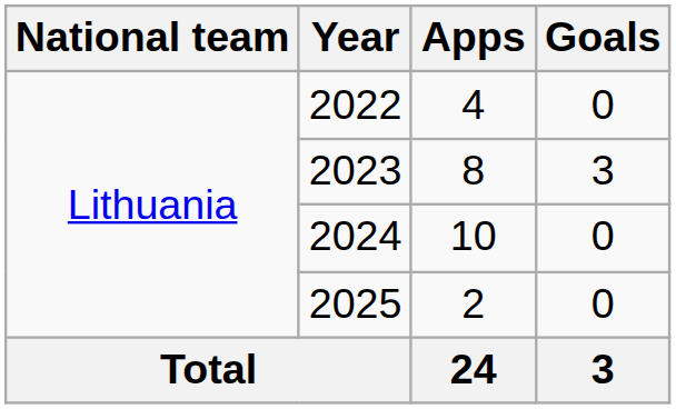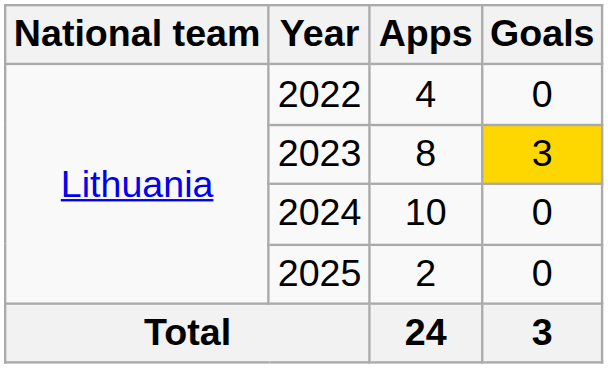 <table class="wikitable" style="text-align:center">
 <tr>
 <th>National team</th>
 <th>Year</th>
 <th>Apps</th>
 <th>Goals</th>
 </tr>
 <tr>
 <td rowspan="4"><a href='#'>Lithuania</a></td>
 <td>2022</td>
 <td>4</td>
 <td>0</td>
 </tr>
 <tr>
 <td>2023</td>
 <td>8</td>
-<td>3</td>
+<td style="background: gold;">3</td>
 </tr>
 <tr>
 <td>2024</td>
 <td>10</td>
 <td>0</td>
 </tr>
 <tr>
 <td>2025</td>
 <td>2</td>
 <td>0</td>
 </tr>
 <tr>
 <th colspan="2">Total</th>
 <th>24</th>
 <th>3</th>
 </tr>
 </table>
